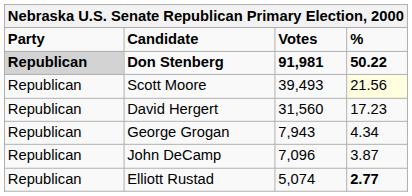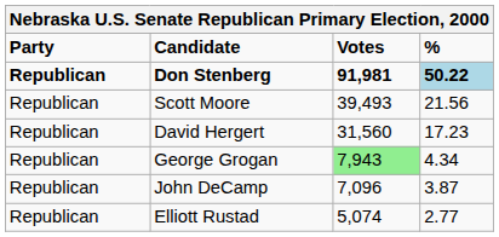 <table class="wikitable">
 <tr>
 <th colspan="4">Nebraska U.S. Senate Republican Primary Election, 2000</th>
 </tr>
 <tr>
 <td><strong>Party</strong></td>
 <td><strong>Candidate</strong></td>
 <td><strong>Votes</strong></td>
 <td><strong>%</strong></td>
 </tr>
 <tr>
-<td style="background: lightgrey;"><strong>Republican</strong></td>
+<td><strong>Republican</strong></td>
 <td><strong>Don Stenberg</strong></td>
 <td><strong>91,981</strong></td>
-<td><strong>50.22</strong></td>
+<td style="background: lightblue;"><strong>50.22</strong></td>
 </tr>
 <tr>
 <td>Republican</td>
 <td>Scott Moore</td>
 <td>39,493</td>
-<td style="background: lightyellow;">21.56</td>
+<td>21.56</td>
 </tr>
 <tr>
 <td>Republican</td>
 <td>David Hergert</td>
 <td>31,560</td>
 <td>17.23</td>
 </tr>
 <tr>
 <td>Republican</td>
 <td>George Grogan</td>
-<td>7,943</td>
+<td style="background: lightgreen;">7,943</td>
 <td>4.34</td>
 </tr>
 <tr>
 <td>Republican</td>
 <td>John DeCamp</td>
 <td>7,096</td>
 <td>3.87</td>
 </tr>
 <tr>
 <td>Republican</td>
 <td>Elliott Rustad</td>
 <td>5,074</td>
-<td><strong>2.77</strong></td>
+<td>2.77</td>
 </tr>
 </table>
